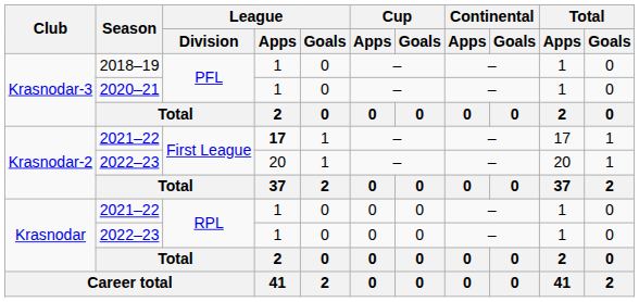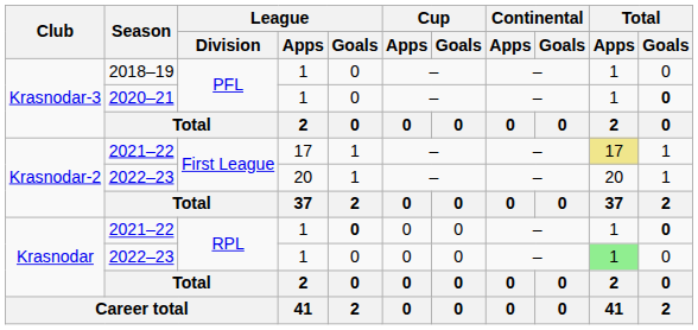 <table class="wikitable" style="text-align: center;">
 <tr>
 <th rowspan=2>Club</th>
 <th rowspan=2>Season</th>
 <th colspan=3>League</th>
 <th colspan=2>Cup</th>
 <th colspan=2>Continental</th>
 <th colspan=2>Total</th>
 </tr>
 <tr>
 <th>Division</th>
 <th>Apps</th>
 <th>Goals</th>
 <th>Apps</th>
 <th>Goals</th>
 <th>Apps</th>
 <th>Goals</th>
 <th>Apps</th>
 <th>Goals</th>
 </tr>
 <tr>
 <td rowspan="3"><a href='#'>Krasnodar-3</a></td>
 <td>2018–19</td>
 <td rowspan="2"><a href='#'>PFL</a></td>
 <td>1</td>
 <td>0</td>
 <td colspan=2>–</td>
 <td colspan=2>–</td>
 <td>1</td>
 <td>0</td>
 </tr>
 <tr>
 <td><a href='#'>2020–21</a></td>
 <td>1</td>
 <td>0</td>
 <td colspan=2>–</td>
 <td colspan=2>–</td>
 <td>1</td>
-<td>0</td>
+<td><strong>0</strong></td>
 </tr>
 <tr>
 <th colspan=2>Total</th>
 <th>2</th>
 <th>0</th>
 <th>0</th>
 <th>0</th>
 <th>0</th>
 <th>0</th>
 <th>2</th>
 <th>0</th>
 </tr>
 <tr>
 <td rowspan="3"><a href='#'>Krasnodar-2</a></td>
 <td><a href='#'>2021–22</a></td>
 <td rowspan="2"><a href='#'>First League</a></td>
-<td><strong>17</strong></td>
+<td>17</td>
 <td>1</td>
 <td colspan=2>–</td>
 <td colspan=2>–</td>
-<td>17</td>
+<td style="background: khaki;">17</td>
 <td>1</td>
 </tr>
 <tr>
 <td><a href='#'>2022–23</a></td>
 <td>20</td>
 <td>1</td>
 <td colspan=2>–</td>
 <td colspan=2>–</td>
 <td>20</td>
 <td>1</td>
 </tr>
 <tr>
 <th colspan=2>Total</th>
 <th>37</th>
 <th>2</th>
 <th>0</th>
 <th>0</th>
 <th>0</th>
 <th>0</th>
 <th>37</th>
 <th>2</th>
 </tr>
 <tr>
 <td rowspan="3"><a href='#'>Krasnodar</a></td>
 <td><a href='#'>2021–22</a></td>
 <td rowspan="2"><a href='#'>RPL</a></td>
 <td>1</td>
-<td>0</td>
+<td><strong>0</strong></td>
 <td>0</td>
 <td>0</td>
 <td colspan=2>–</td>
 <td>1</td>
-<td>0</td>
+<td><strong>0</strong></td>
 </tr>
 <tr>
 <td><a href='#'>2022–23</a></td>
 <td>1</td>
 <td>0</td>
 <td>0</td>
 <td>0</td>
 <td colspan=2>–</td>
-<td>1</td>
+<td style="background: lightgreen;">1</td>
 <td>0</td>
 </tr>
 <tr>
 <th colspan=2>Total</th>
 <th>2</th>
 <th>0</th>
 <th>0</th>
 <th>0</th>
 <th>0</th>
 <th>0</th>
 <th>2</th>
 <th>0</th>
 </tr>
 <tr>
 <th colspan=3>Career total</th>
 <th>41</th>
 <th>2</th>
 <th>0</th>
 <th>0</th>
 <th>0</th>
 <th>0</th>
 <th>41</th>
 <th>2</th>
 </tr>
 </table>
